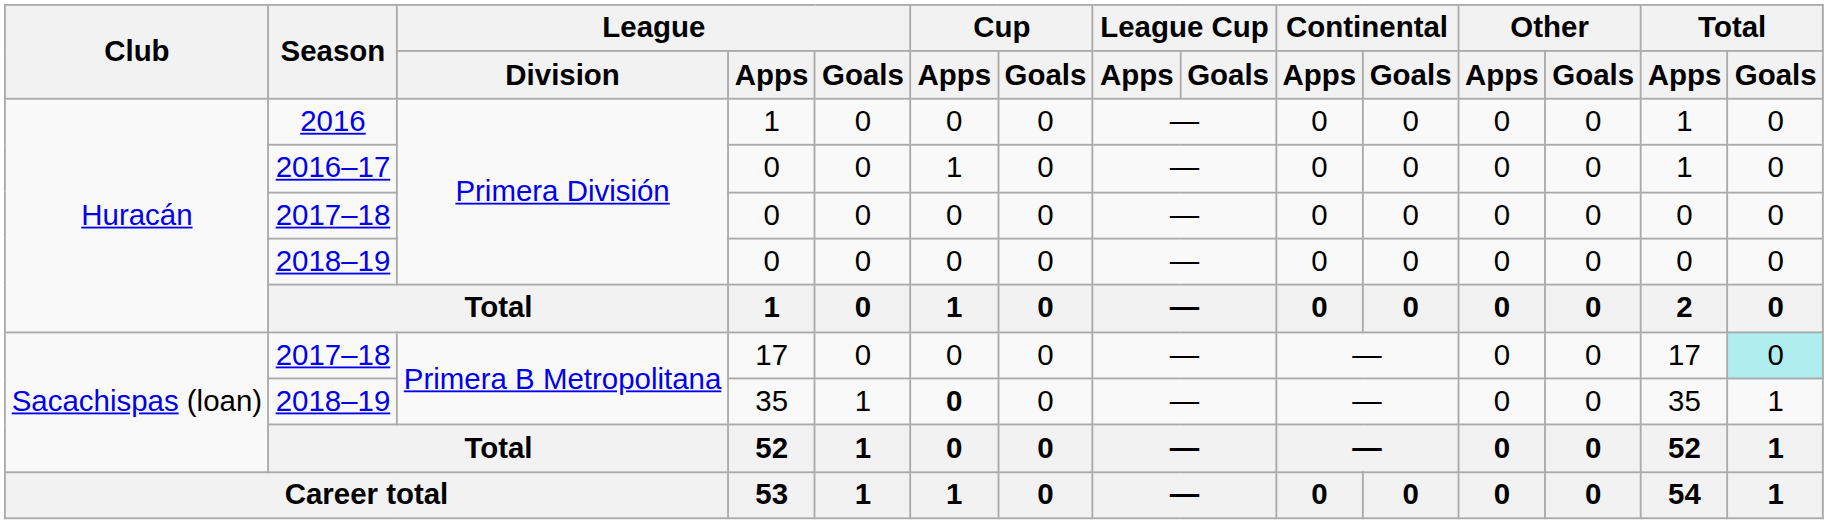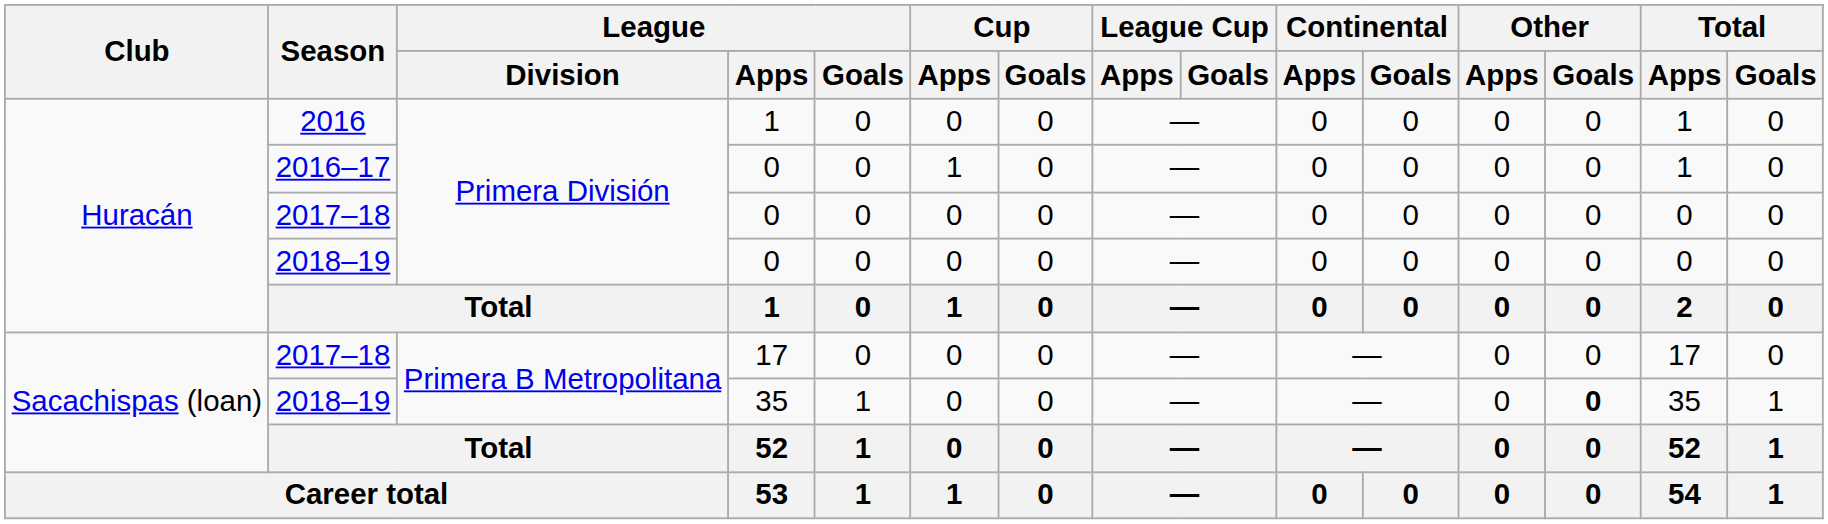 <table class="wikitable" style="text-align:center">
 <tr>
 <th rowspan="2">Club</th>
 <th rowspan="2">Season</th>
 <th colspan="3">League</th>
 <th colspan="2">Cup</th>
 <th colspan="2">League Cup</th>
 <th colspan="2">Continental</th>
 <th colspan="2">Other</th>
 <th colspan="2">Total</th>
 </tr>
 <tr>
 <th>Division</th>
 <th>Apps</th>
 <th>Goals</th>
 <th>Apps</th>
 <th>Goals</th>
 <th>Apps</th>
 <th>Goals</th>
 <th>Apps</th>
 <th>Goals</th>
 <th>Apps</th>
 <th>Goals</th>
 <th>Apps</th>
 <th>Goals</th>
 </tr>
 <tr>
 <td rowspan="5"><a href='#'>Huracán</a></td>
 <td><a href='#'>2016</a></td>
 <td rowspan="4"><a href='#'>Primera División</a></td>
 <td>1</td>
 <td>0</td>
 <td>0</td>
 <td>0</td>
 <td colspan="2">—</td>
 <td>0</td>
 <td>0</td>
 <td>0</td>
 <td>0</td>
 <td>1</td>
 <td>0</td>
 </tr>
 <tr>
 <td><a href='#'>2016–17</a></td>
 <td>0</td>
 <td>0</td>
 <td>1</td>
 <td>0</td>
 <td colspan="2">—</td>
 <td>0</td>
 <td>0</td>
 <td>0</td>
 <td>0</td>
 <td>1</td>
 <td>0</td>
 </tr>
 <tr>
 <td><a href='#'>2017–18</a></td>
 <td>0</td>
 <td>0</td>
 <td>0</td>
 <td>0</td>
 <td colspan="2">—</td>
 <td>0</td>
 <td>0</td>
 <td>0</td>
 <td>0</td>
 <td>0</td>
 <td>0</td>
 </tr>
 <tr>
 <td><a href='#'>2018–19</a></td>
 <td>0</td>
 <td>0</td>
 <td>0</td>
 <td>0</td>
 <td colspan="2">—</td>
 <td>0</td>
 <td>0</td>
 <td>0</td>
 <td>0</td>
 <td>0</td>
 <td>0</td>
 </tr>
 <tr>
 <th colspan="2">Total</th>
 <th>1</th>
 <th>0</th>
 <th>1</th>
 <th>0</th>
 <th colspan="2">—</th>
 <th>0</th>
 <th>0</th>
 <th>0</th>
 <th>0</th>
 <th>2</th>
 <th>0</th>
 </tr>
 <tr>
 <td rowspan="3"><a href='#'>Sacachispas</a> (loan)</td>
 <td><a href='#'>2017–18</a></td>
 <td rowspan="2"><a href='#'>Primera B Metropolitana</a></td>
 <td>17</td>
 <td>0</td>
 <td>0</td>
 <td>0</td>
 <td colspan="2">—</td>
 <td colspan="2">—</td>
 <td>0</td>
 <td>0</td>
 <td>17</td>
-<td style="background: paleturquoise;">0</td>
+<td>0</td>
 </tr>
 <tr>
 <td><a href='#'>2018–19</a></td>
 <td>35</td>
 <td>1</td>
-<td><strong>0</strong></td>
+<td>0</td>
 <td>0</td>
 <td colspan="2">—</td>
 <td colspan="2">—</td>
 <td>0</td>
-<td>0</td>
+<td><strong>0</strong></td>
 <td>35</td>
 <td>1</td>
 </tr>
 <tr>
 <th colspan="2">Total</th>
 <th>52</th>
 <th>1</th>
 <th>0</th>
 <th>0</th>
 <th colspan="2">—</th>
 <th colspan="2">—</th>
 <th>0</th>
 <th>0</th>
 <th>52</th>
 <th>1</th>
 </tr>
 <tr>
 <th colspan="3">Career total</th>
 <th>53</th>
 <th>1</th>
 <th>1</th>
 <th>0</th>
 <th colspan="2">—</th>
 <th>0</th>
 <th>0</th>
 <th>0</th>
 <th>0</th>
 <th>54</th>
 <th>1</th>
 </tr>
 </table>
